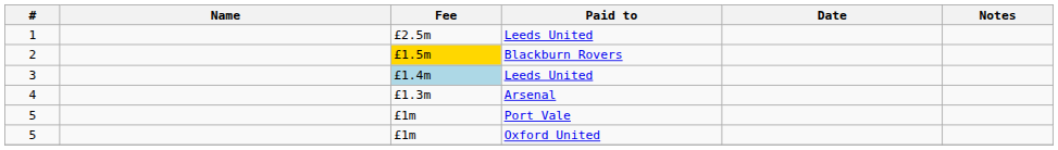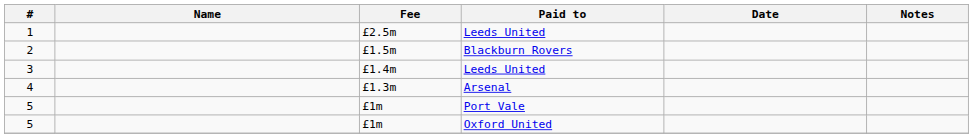 <table class="wikitable sortable" width=70%;>
 <tr>
 <th width=5%>#</th>
 <th width=30%>Name</th>
 <th width=10%>Fee</th>
 <th width=20%>Paid to</th>
 <th width=20%>Date</th>
 <th width=10% class=unsortable>Notes</th>
 </tr>
 <tr>
 <td style="text-align:center;">1</td>
 <td style="text-align:left;"> </td>
 <td>£2.5m</td>
 <td><a href='#'>Leeds United</a></td>
 <td></td>
 <td align=center></td>
 </tr>
 <tr>
 <td style="text-align:center;">2</td>
 <td style="text-align:left;"> </td>
-<td style="background: gold;">£1.5m</td>
+<td>£1.5m</td>
 <td><a href='#'>Blackburn Rovers</a></td>
 <td></td>
 <td align=center></td>
 </tr>
 <tr>
 <td style="text-align:center;">3</td>
 <td style="text-align:left;"> </td>
-<td style="background: lightblue;">£1.4m</td>
+<td>£1.4m</td>
 <td><a href='#'>Leeds United</a></td>
 <td></td>
 <td align=center></td>
 </tr>
 <tr>
 <td style="text-align:center;">4</td>
 <td style="text-align:left;"> </td>
 <td>£1.3m</td>
 <td><a href='#'>Arsenal</a></td>
 <td></td>
 <td align=center></td>
 </tr>
 <tr>
 <td style="text-align:center;">5</td>
 <td style="text-align:left;"> </td>
 <td>£1m</td>
 <td><a href='#'>Port Vale</a></td>
 <td></td>
 <td align=center></td>
 </tr>
 <tr>
 <td style="text-align:center;">5</td>
 <td style="text-align:left;"> </td>
 <td>£1m</td>
 <td><a href='#'>Oxford United</a></td>
 <td></td>
 <td align=center></td>
 </tr>
 <tr>
 </tr>
 </table>
